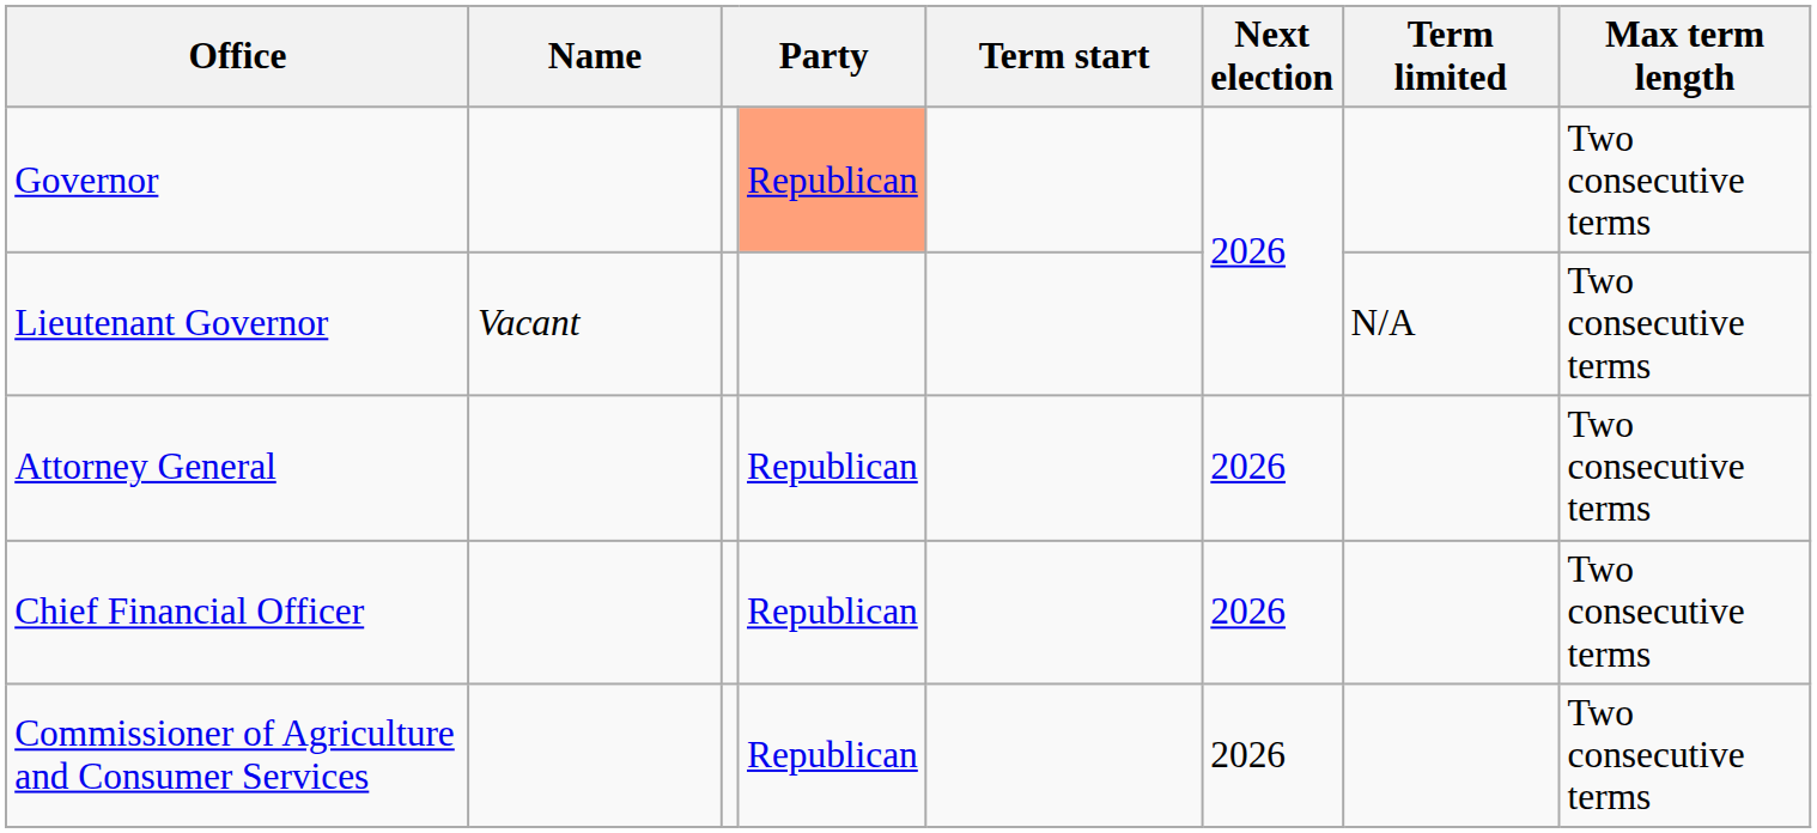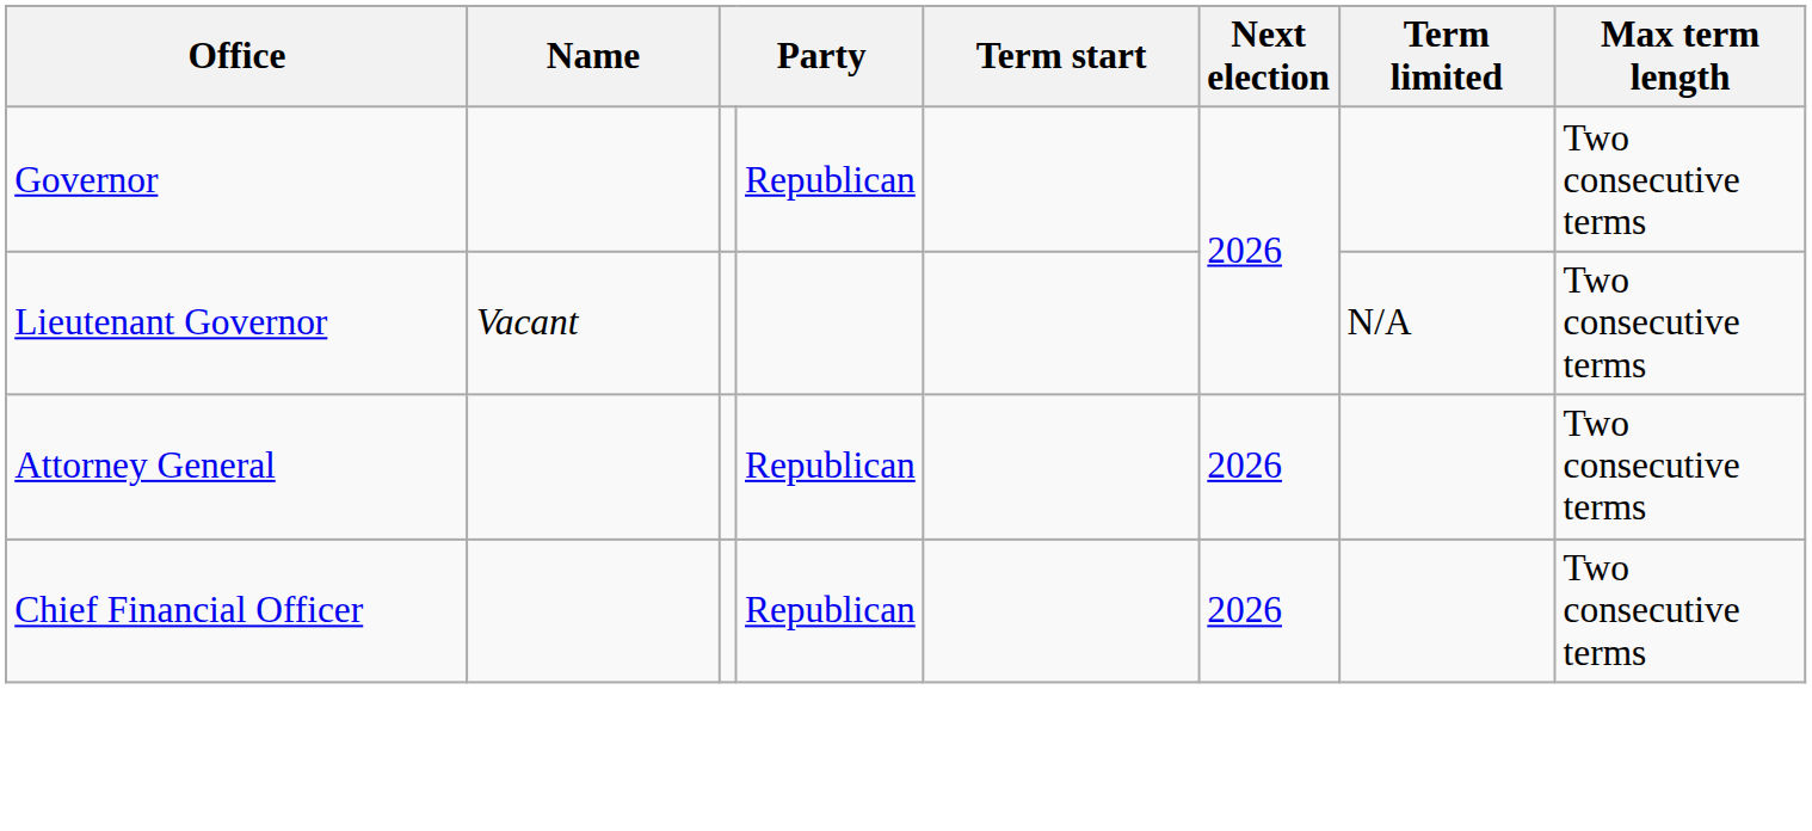 <table class="sortable wikitable">
 <tr>
 <th scope="col" width=190>Office</th>
 <th scope="col" width=100>Name</th>
 <th scope="col" width=75 colspan=2>Party</th>
 <th scope="col" width=110>Term start</th>
 <th scope="col" width=50>Next election</th>
 <th scope="col" width=85>Term limited</th>
 <th scope="col" width=100>Max term length</th>
 </tr>
 <tr>
 <td><a href='#'>Governor</a></td>
 <td></td>
 <td style="background-color:"></td>
-<td style="background: lightsalmon;"><a href='#'>Republican</a></td>
+<td><a href='#'>Republican</a></td>
 <td></td>
 <td rowspan=2><a href='#'>2026</a></td>
 <td></td>
 <td>Two consecutive terms</td>
 </tr>
 <tr>
 <td><a href='#'>Lieutenant Governor</a></td>
 <td><em>Vacant</em></td>
 <td></td>
 <td></td>
 <td></td>
 <td>N/A</td>
 <td>Two consecutive terms</td>
 </tr>
 <tr>
 <td><a href='#'>Attorney General</a></td>
 <td></td>
 <td style="background-color:"></td>
 <td><a href='#'>Republican</a></td>
 <td></td>
 <td><a href='#'>2026</a></td>
 <td></td>
 <td>Two consecutive terms</td>
 </tr>
 <tr>
 <td><a href='#'>Chief Financial Officer</a></td>
 <td><br></td>
 <td style="background-color:"></td>
 <td><a href='#'>Republican</a></td>
 <td></td>
 <td><a href='#'>2026</a></td>
 <td></td>
 <td>Two consecutive terms</td>
 </tr>
-<tr>
-<td><a href='#'>Commissioner of Agriculture and Consumer Services</a></td>
-<td></td>
-<td style="background-color:"></td>
-<td><a href='#'>Republican</a></td>
-<td></td>
-<td>2026</td>
-<td></td>
-<td>Two consecutive terms</td>
-</tr>
 </table>
